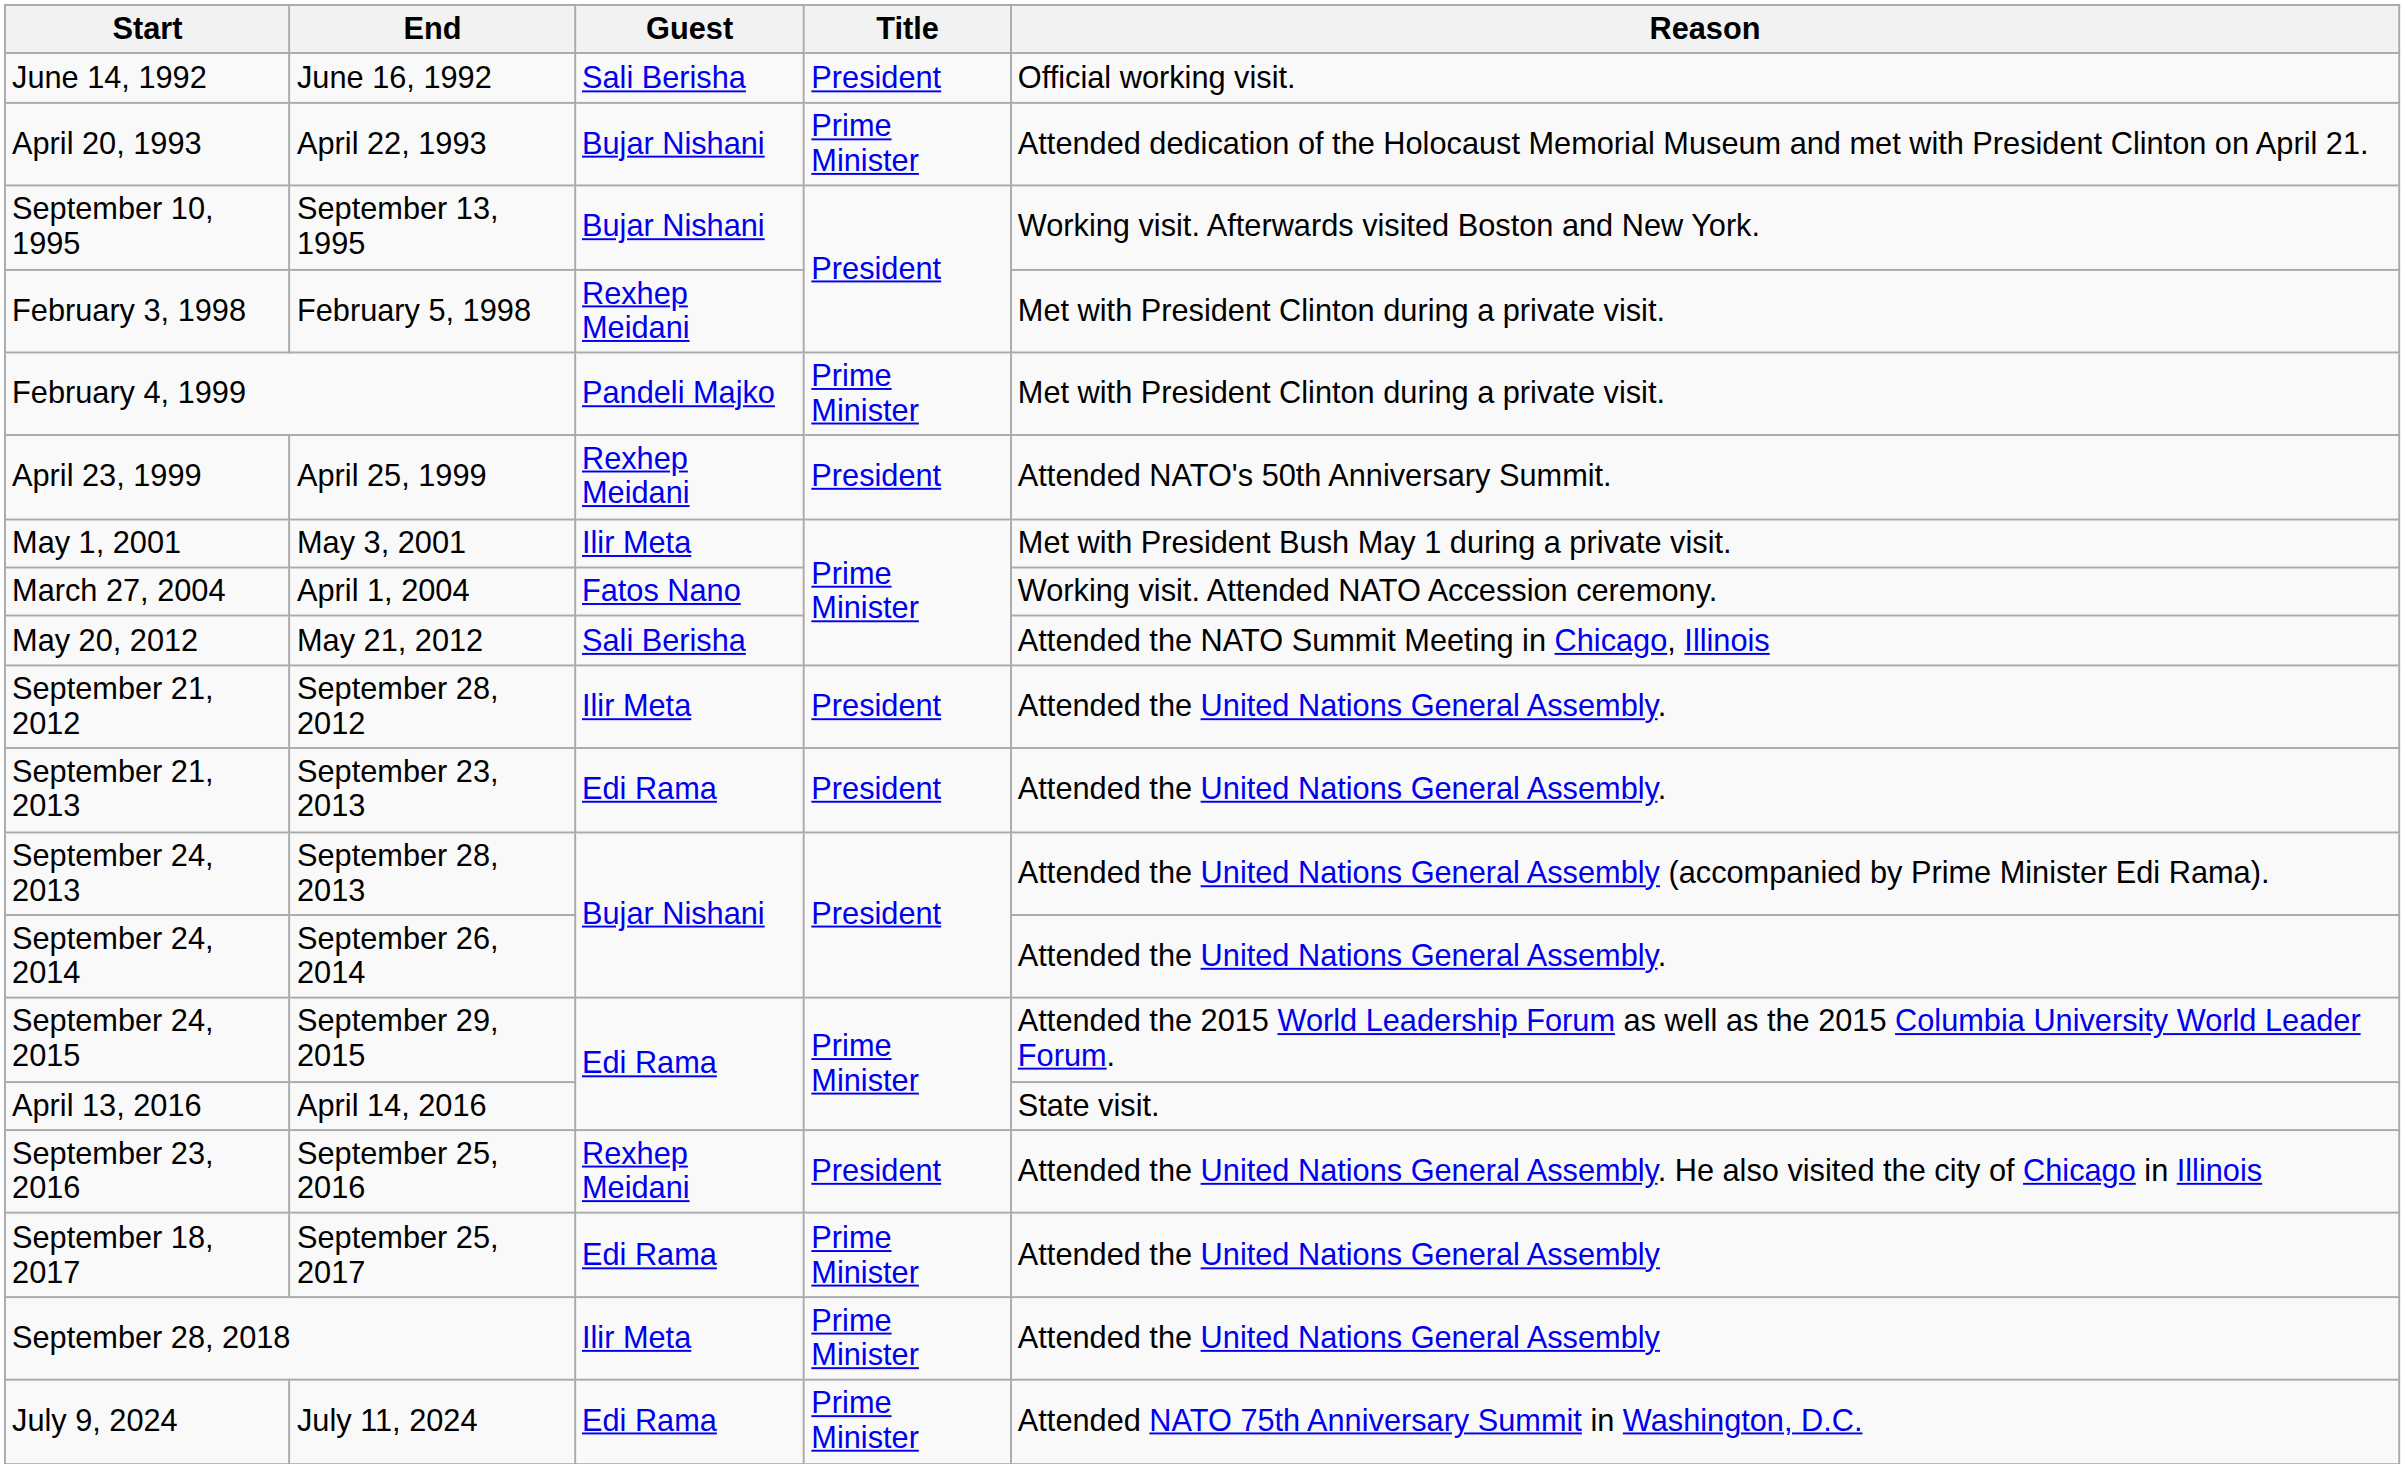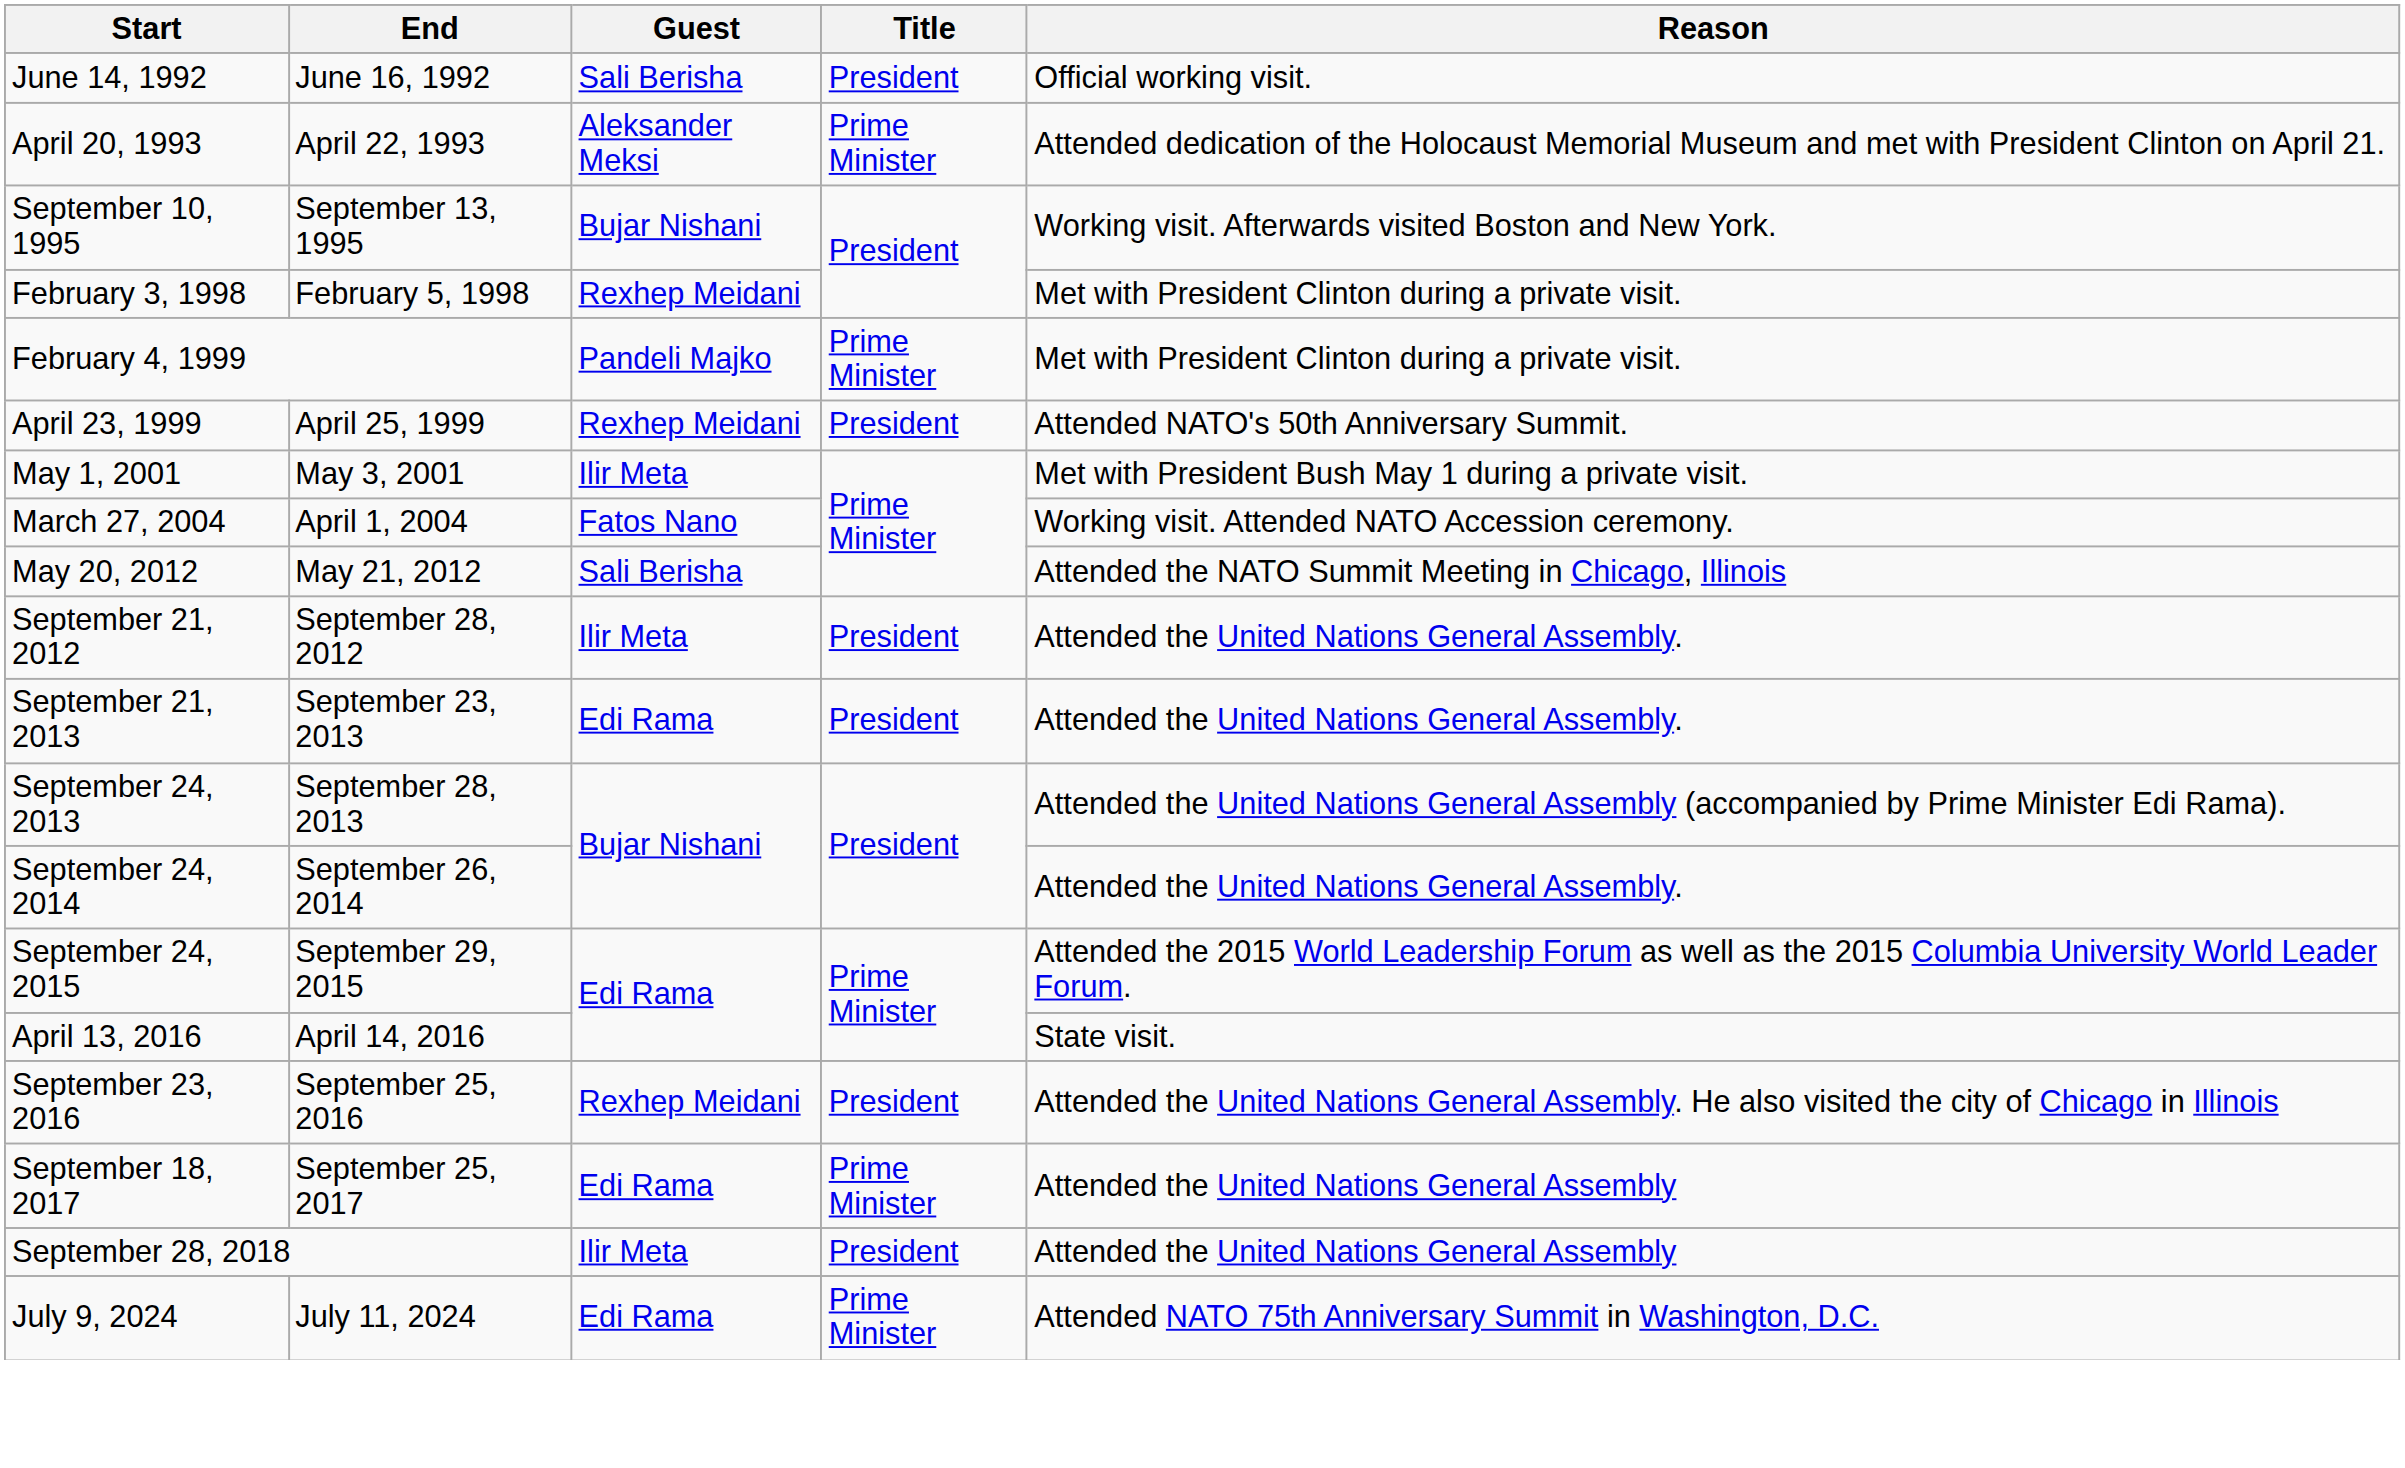 <table class="wikitable sortable">
 <tr>
 <th>Start</th>
 <th>End</th>
 <th>Guest</th>
 <th>Title</th>
 <th>Reason</th>
 </tr>
 <tr>
 <td>June 14, 1992</td>
 <td>June 16, 1992</td>
 <td><a href='#'>Sali Berisha</a></td>
 <td><a href='#'>President</a></td>
 <td>Official working visit.</td>
 </tr>
 <tr>
 <td>April 20, 1993</td>
 <td>April 22, 1993</td>
-<td><a href='#'>Bujar Nishani</a></td>
+<td><a href='#'>Aleksander Meksi</a></td>
 <td><a href='#'>Prime Minister</a></td>
 <td>Attended dedication of the Holocaust Memorial Museum and met with President Clinton on April 21.</td>
 </tr>
 <tr>
 <td>September 10, 1995</td>
 <td>September 13, 1995</td>
 <td><a href='#'>Bujar Nishani</a></td>
 <td rowspan=2><a href='#'>President</a></td>
 <td>Working visit. Afterwards visited Boston and New York.</td>
 </tr>
 <tr>
 <td>February 3, 1998</td>
 <td>February 5, 1998</td>
 <td><a href='#'>Rexhep Meidani</a></td>
 <td>Met with President Clinton during a private visit.</td>
 </tr>
 <tr>
 <td colspan=2><div>February 4, 1999</div></td>
 <td><a href='#'>Pandeli Majko</a></td>
 <td><a href='#'>Prime Minister</a></td>
 <td>Met with President Clinton during a private visit.</td>
 </tr>
 <tr>
 <td>April 23, 1999</td>
 <td>April 25, 1999</td>
 <td><a href='#'>Rexhep Meidani</a></td>
 <td><a href='#'>President</a></td>
 <td>Attended NATO's 50th Anniversary Summit.</td>
 </tr>
 <tr>
 <td>May 1, 2001</td>
 <td>May 3, 2001</td>
 <td><a href='#'>Ilir Meta</a></td>
 <td rowspan=3><a href='#'>Prime Minister</a></td>
 <td>Met with President Bush May 1 during a private visit.</td>
 </tr>
 <tr>
 <td>March 27, 2004</td>
 <td>April 1, 2004</td>
 <td><a href='#'>Fatos Nano</a></td>
 <td>Working visit. Attended NATO Accession ceremony.</td>
 </tr>
 <tr>
 <td>May 20, 2012</td>
 <td>May 21, 2012</td>
 <td><a href='#'>Sali Berisha</a></td>
 <td>Attended the NATO Summit Meeting in <a href='#'>Chicago</a>, <a href='#'>Illinois</a></td>
 </tr>
 <tr>
 <td>September 21, 2012</td>
 <td>September 28, 2012</td>
 <td><a href='#'>Ilir Meta</a></td>
 <td><a href='#'>President</a></td>
 <td>Attended the <a href='#'>United Nations General Assembly</a>.</td>
 </tr>
 <tr>
 <td>September 21, 2013</td>
 <td>September 23, 2013</td>
 <td><a href='#'>Edi Rama</a></td>
 <td><a href='#'>President</a></td>
 <td>Attended the <a href='#'>United Nations General Assembly</a>.</td>
 </tr>
 <tr>
 <td>September 24, 2013</td>
 <td>September 28, 2013</td>
 <td rowspan=2><a href='#'>Bujar Nishani</a></td>
 <td rowspan=2><a href='#'>President</a></td>
 <td>Attended the <a href='#'>United Nations General Assembly</a> (accompanied by Prime Minister Edi Rama).</td>
 </tr>
 <tr>
 <td>September 24, 2014</td>
 <td>September 26, 2014</td>
 <td>Attended the <a href='#'>United Nations General Assembly</a>.</td>
 </tr>
 <tr>
 <td>September 24, 2015</td>
 <td>September 29, 2015</td>
 <td rowspan=2><a href='#'>Edi Rama</a></td>
 <td rowspan=2><a href='#'>Prime Minister</a></td>
 <td>Attended the 2015 <a href='#'>World Leadership Forum</a> as well as the 2015 <a href='#'>Columbia University World Leader Forum</a>.</td>
 </tr>
 <tr>
 <td>April 13, 2016</td>
 <td>April 14, 2016</td>
 <td>State visit.</td>
 </tr>
 <tr>
 <td>September 23, 2016</td>
 <td>September 25, 2016</td>
 <td><a href='#'>Rexhep Meidani</a></td>
 <td><a href='#'>President</a></td>
 <td>Attended the <a href='#'>United Nations General Assembly</a>. He also visited the city of <a href='#'>Chicago</a> in <a href='#'>Illinois</a></td>
 </tr>
 <tr>
 <td>September 18, 2017</td>
 <td>September 25, 2017</td>
 <td><a href='#'>Edi Rama</a></td>
 <td><a href='#'>Prime Minister</a></td>
 <td>Attended the <a href='#'>United Nations General Assembly</a></td>
 </tr>
 <tr>
 <td colspan=2><div>September 28, 2018</div></td>
 <td><a href='#'>Ilir Meta</a></td>
-<td><a href='#'>Prime Minister</a></td>
+<td><a href='#'>President</a></td>
 <td>Attended the <a href='#'>United Nations General Assembly</a></td>
 </tr>
 <tr>
 <td>July 9, 2024</td>
 <td>July 11, 2024</td>
 <td><a href='#'>Edi Rama</a></td>
 <td><a href='#'>Prime Minister</a></td>
 <td>Attended <a href='#'>NATO 75th Anniversary Summit</a> in <a href='#'>Washington, D.C.</a></td>
 </tr>
 </table>
